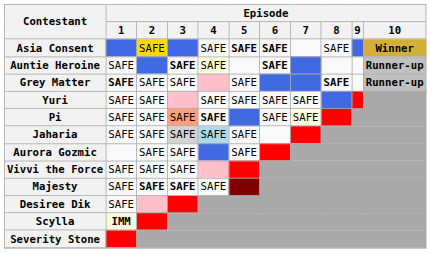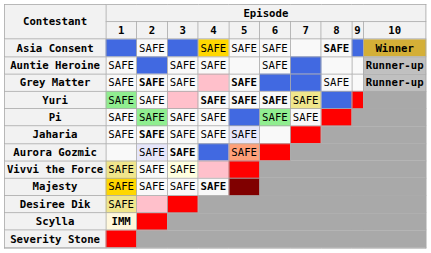 <table class="wikitable" style="text-align:center">
 <tr>
 <th rowspan="2" scope="col">Contestant</th>
 <th colspan="12" scope="col">Episode</th>
 </tr>
 <tr>
 <th scope="col">1</th>
 <th scope="col">2</th>
 <th scope="col">3</th>
 <th scope="col">4</th>
 <th scope="col">5</th>
 <th>6</th>
 <th>7</th>
 <th>8</th>
 <th>9</th>
 <th>10</th>
 </tr>
 <tr>
 <th scope="row">Asia Consent</th>
 <td bgcolor="royalblue"></td>
+<td>SAFE</td>
+<td bgcolor="royalblue"></td>
 <td style="background: gold;">SAFE</td>
-<td bgcolor="royalblue"></td>
 <td>SAFE</td>
+<td>SAFE</td>
+<td></td>
 <td><strong>SAFE</strong></td>
-<td><strong>SAFE</strong></td>
-<td></td>
-<td>SAFE</td>
 <td bgcolor="royalblue"></td>
 <td bgcolor="#D4AF37"><strong>Winner</strong></td>
 </tr>
 <tr>
 <th scope="row" nowrap>Auntie Heroine</th>
 <td>SAFE</td>
 <td bgcolor="royalblue"></td>
-<td><strong>SAFE</strong></td>
-<td style="background: lightyellow;">SAFE</td>
+<td>SAFE</td>
+<td>SAFE</td>
 <td></td>
-<td><strong>SAFE</strong></td>
+<td>SAFE</td>
 <td bgcolor="royalblue"></td>
 <td></td>
 <td></td>
 <td bgcolor="silver" nowrap><strong>Runner-up</strong></td>
 </tr>
 <tr>
 <th scope="row">Grey Matter</th>
+<td>SAFE</td>
 <td><strong>SAFE</strong></td>
 <td>SAFE</td>
-<td>SAFE</td>
 <td bgcolor="pink"></td>
-<td>SAFE</td>
+<td><strong>SAFE</strong></td>
 <td bgcolor="royalblue"></td>
 <td bgcolor="royalblue"></td>
-<td><strong>SAFE</strong></td>
+<td>SAFE</td>
 <td></td>
 <td bgcolor="silver"><strong>Runner-up</strong></td>
 </tr>
 <tr>
 <th scope="row">Yuri</th>
-<td>SAFE</td>
+<td style="background: lightgreen;">SAFE</td>
 <td>SAFE</td>
 <td bgcolor="pink"></td>
-<td>SAFE</td>
-<td>SAFE</td>
-<td>SAFE</td>
-<td>SAFE</td>
+<td><strong>SAFE</strong></td>
+<td><strong>SAFE</strong></td>
+<td><strong>SAFE</strong></td>
+<td style="background: khaki;">SAFE</td>
 <td bgcolor="royalblue"></td>
 <td bgcolor="red"></td>
 <td bgcolor="darkgray"></td>
 </tr>
 <tr>
 <th scope="row">Pi</th>
 <td>SAFE</td>
+<td style="background: lightgreen;">SAFE</td>
 <td>SAFE</td>
-<td style="background: lightsalmon;">SAFE</td>
-<td><strong>SAFE</strong></td>
+<td>SAFE</td>
 <td bgcolor="royalblue"></td>
+<td style="background: lightgreen;">SAFE</td>
 <td>SAFE</td>
-<td style="background: lightyellow;">SAFE</td>
 <td bgcolor="red"></td>
 <td bgcolor="darkgray" colspan="2"></td>
 </tr>
 <tr>
 <th scope="row">Jaharia</th>
 <td>SAFE</td>
+<td><strong>SAFE</strong></td>
 <td>SAFE</td>
-<td style="background: lightgrey;">SAFE</td>
-<td style="background: lightblue;">SAFE</td>
 <td>SAFE</td>
+<td style="background: lavender;">SAFE</td>
 <td></td>
 <td bgcolor="red"></td>
 <td bgcolor="darkgray" colspan="3"></td>
 </tr>
 <tr>
 <th scope="row">Aurora Gozmic</th>
 <td></td>
-<td>SAFE</td>
-<td>SAFE</td>
+<td style="background: lavender;">SAFE</td>
+<td><strong>SAFE</strong></td>
 <td bgcolor="royalblue"></td>
-<td>SAFE</td>
+<td style="background: lightsalmon;">SAFE</td>
 <td bgcolor="red"></td>
 <td bgcolor="darkgray" colspan="4"></td>
 </tr>
 <tr>
 <th scope="row">Vivvi the Force</th>
+<td style="background: khaki;">SAFE</td>
 <td>SAFE</td>
-<td>SAFE</td>
-<td>SAFE</td>
+<td style="background: lightyellow;">SAFE</td>
 <td bgcolor="pink"></td>
 <td bgcolor="red"></td>
 <td bgcolor="darkgray" colspan="5"></td>
 </tr>
 <tr>
 <th scope="row">Majesty</th>
+<td style="background: gold;">SAFE</td>
+<td>SAFE</td>
 <td>SAFE</td>
 <td><strong>SAFE</strong></td>
-<td><strong>SAFE</strong></td>
-<td>SAFE</td>
 <td bgcolor="maroon"></td>
 <td bgcolor="darkgray" colspan="6"></td>
 </tr>
 <tr>
 <th scope="row">Desiree Dik</th>
-<td>SAFE</td>
+<td style="background: khaki;">SAFE</td>
 <td bgcolor="pink"></td>
 <td bgcolor="red"></td>
 <td bgcolor="darkgray" colspan="7"></td>
 </tr>
 <tr>
 <th scope="row">Scylla</th>
 <td bgcolor="cornsilk"><strong>IMM</strong></td>
 <td bgcolor="red"></td>
 <td bgcolor="darkgray" colspan="8"></td>
 </tr>
 <tr>
 <th scope="row">Severity Stone</th>
 <td bgcolor="red"></td>
 <td bgcolor="darkgray" colspan="9"></td>
 </tr>
 <tr>
 </tr>
 </table>
